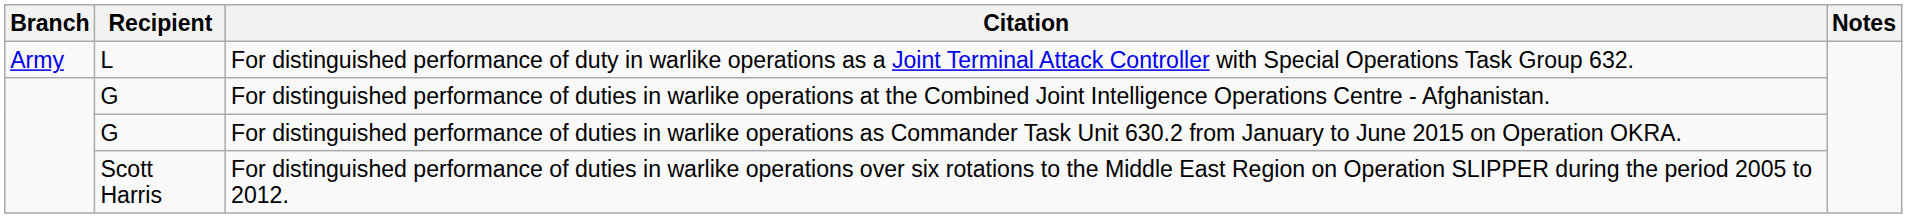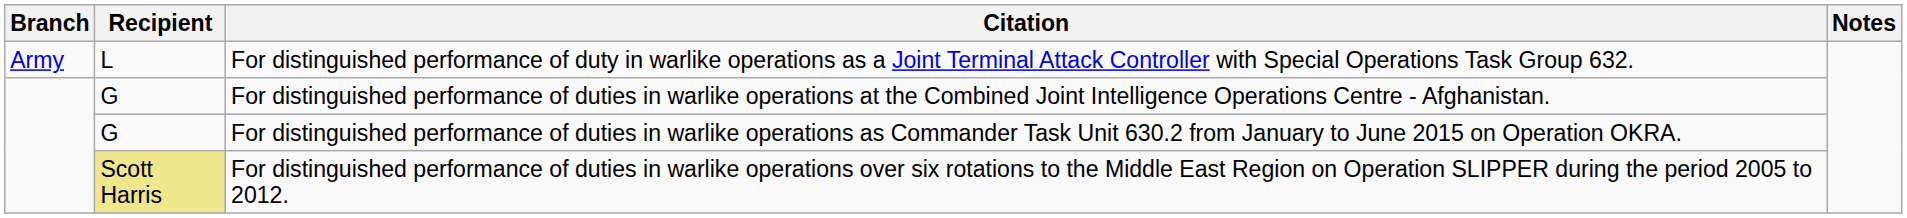 <table class="wikitable" style="font-size:95%;">
 <tr>
 <th>Branch</th>
 <th>Recipient</th>
 <th>Citation</th>
 <th>Notes</th>
 </tr>
 <tr>
 <td><a href='#'>Army</a></td>
 <td> L</td>
 <td>For distinguished performance of duty in warlike operations as a <a href='#'>Joint Terminal Attack Controller</a> with Special Operations Task Group 632.</td>
 <td rowspan=4></td>
 </tr>
 <tr>
 <td rowspan=3></td>
 <td> G</td>
 <td>For distinguished performance of duties in warlike operations at the Combined Joint Intelligence Operations Centre - Afghanistan.</td>
 </tr>
 <tr>
 <td> G</td>
 <td>For distinguished performance of duties in warlike operations as Commander Task Unit 630.2 from January to June 2015 on Operation OKRA.</td>
 </tr>
 <tr>
-<td> Scott Harris</td>
+<td style="background: khaki;"> Scott Harris</td>
 <td>For distinguished performance of duties in warlike operations over six rotations to the Middle East Region on Operation SLIPPER during the period 2005 to 2012.</td>
 </tr>
 </table>
